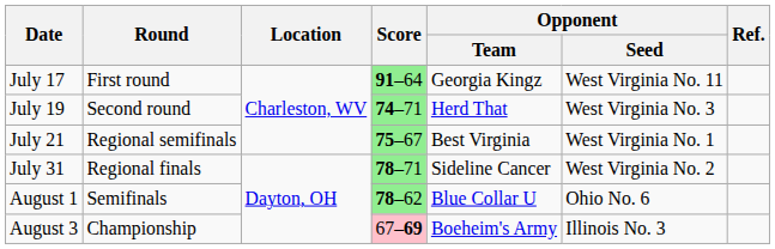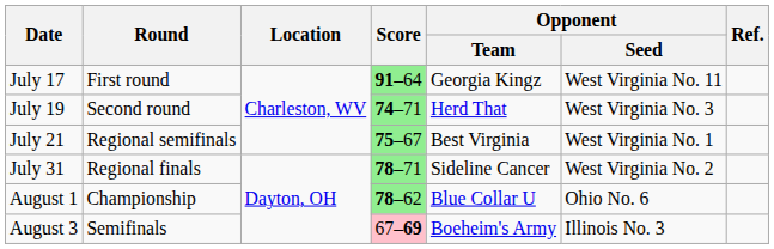 <table class="wikitable">
 <tr>
 <th rowspan=2>Date</th>
 <th rowspan=2>Round</th>
 <th rowspan=2>Location</th>
 <th rowspan=2>Score</th>
 <th colspan=2>Opponent</th>
 <th rowspan=2>Ref.</th>
 </tr>
 <tr>
 <th>Team</th>
 <th>Seed</th>
 </tr>
 <tr>
 <td>July 17</td>
 <td>First round</td>
 <td rowspan=3><a href='#'>Charleston, WV</a></td>
 <td bgcolor=lightgreen><strong>91</strong>–64</td>
 <td>Georgia Kingz</td>
 <td>West Virginia No. 11</td>
 <td></td>
 </tr>
 <tr>
 <td>July 19</td>
 <td>Second round</td>
 <td bgcolor=lightgreen><strong>74</strong>–71</td>
 <td><a href='#'>Herd That</a></td>
 <td>West Virginia No. 3</td>
 <td></td>
 </tr>
 <tr>
 <td>July 21</td>
 <td>Regional semifinals</td>
 <td bgcolor=lightgreen><strong>75</strong>–67</td>
 <td>Best Virginia</td>
 <td>West Virginia No. 1</td>
 <td></td>
 </tr>
 <tr>
 <td>July 31</td>
 <td>Regional finals</td>
 <td rowspan=3><a href='#'>Dayton, OH</a></td>
 <td bgcolor=lightgreen><strong>78</strong>–71</td>
 <td>Sideline Cancer</td>
 <td>West Virginia No. 2</td>
 <td></td>
 </tr>
 <tr>
 <td>August 1</td>
-<td>Semifinals</td>
+<td>Championship</td>
 <td bgcolor=lightgreen><strong>78</strong>–62</td>
 <td><a href='#'>Blue Collar U</a></td>
 <td>Ohio No. 6</td>
 <td></td>
 </tr>
 <tr>
 <td>August 3</td>
-<td>Championship</td>
+<td>Semifinals</td>
 <td bgcolor=pink>67–<strong>69</strong></td>
 <td><a href='#'>Boeheim's Army</a></td>
 <td>Illinois No. 3</td>
 <td></td>
 </tr>
 </table>
